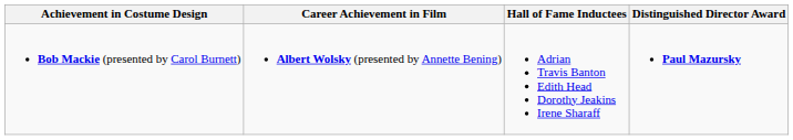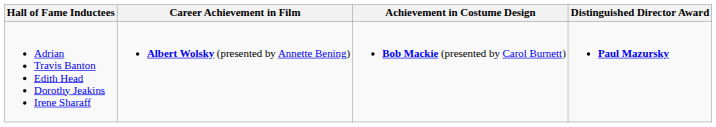 <table class="wikitable" style="width=100%">
 <tr>
+<th style="width=50%">Hall of Fame Inductees</th>
+<th style="width=50%">Career Achievement in Film</th>
 <th>Achievement in Costume Design</th>
-<th style="width=50%">Career Achievement in Film</th>
-<th style="width=50%">Hall of Fame Inductees</th>
 <th><strong>Distinguished Director Award</strong></th>
 </tr>
 <tr>
+<td valign="top"><br><ul><li><a href='#'>Adrian</a></li><li><a href='#'>Travis Banton</a></li><li><a href='#'>Edith Head</a></li><li><a href='#'>Dorothy Jeakins</a></li><li><a href='#'>Irene Sharaff</a></li></ul></td>
+<td valign="top"><br><ul><li><strong><a href='#'>Albert Wolsky</a></strong> (presented by <a href='#'>Annette Bening</a>)</li></ul></td>
 <td valign="top"><br><ul><li><strong><a href='#'>Bob Mackie</a></strong> (presented by <a href='#'>Carol Burnett</a>)</li></ul></td>
-<td valign="top"><br><ul><li><strong><a href='#'>Albert Wolsky</a></strong> (presented by <a href='#'>Annette Bening</a>)</li></ul></td>
-<td valign="top"><br><ul><li><a href='#'>Adrian</a></li><li><a href='#'>Travis Banton</a></li><li><a href='#'>Edith Head</a></li><li><a href='#'>Dorothy Jeakins</a></li><li><a href='#'>Irene Sharaff</a></li></ul></td>
 <td valign="top"><br><ul><li><strong><a href='#'>Paul Mazursky</a></strong></li></ul></td>
 </tr>
 </table>
